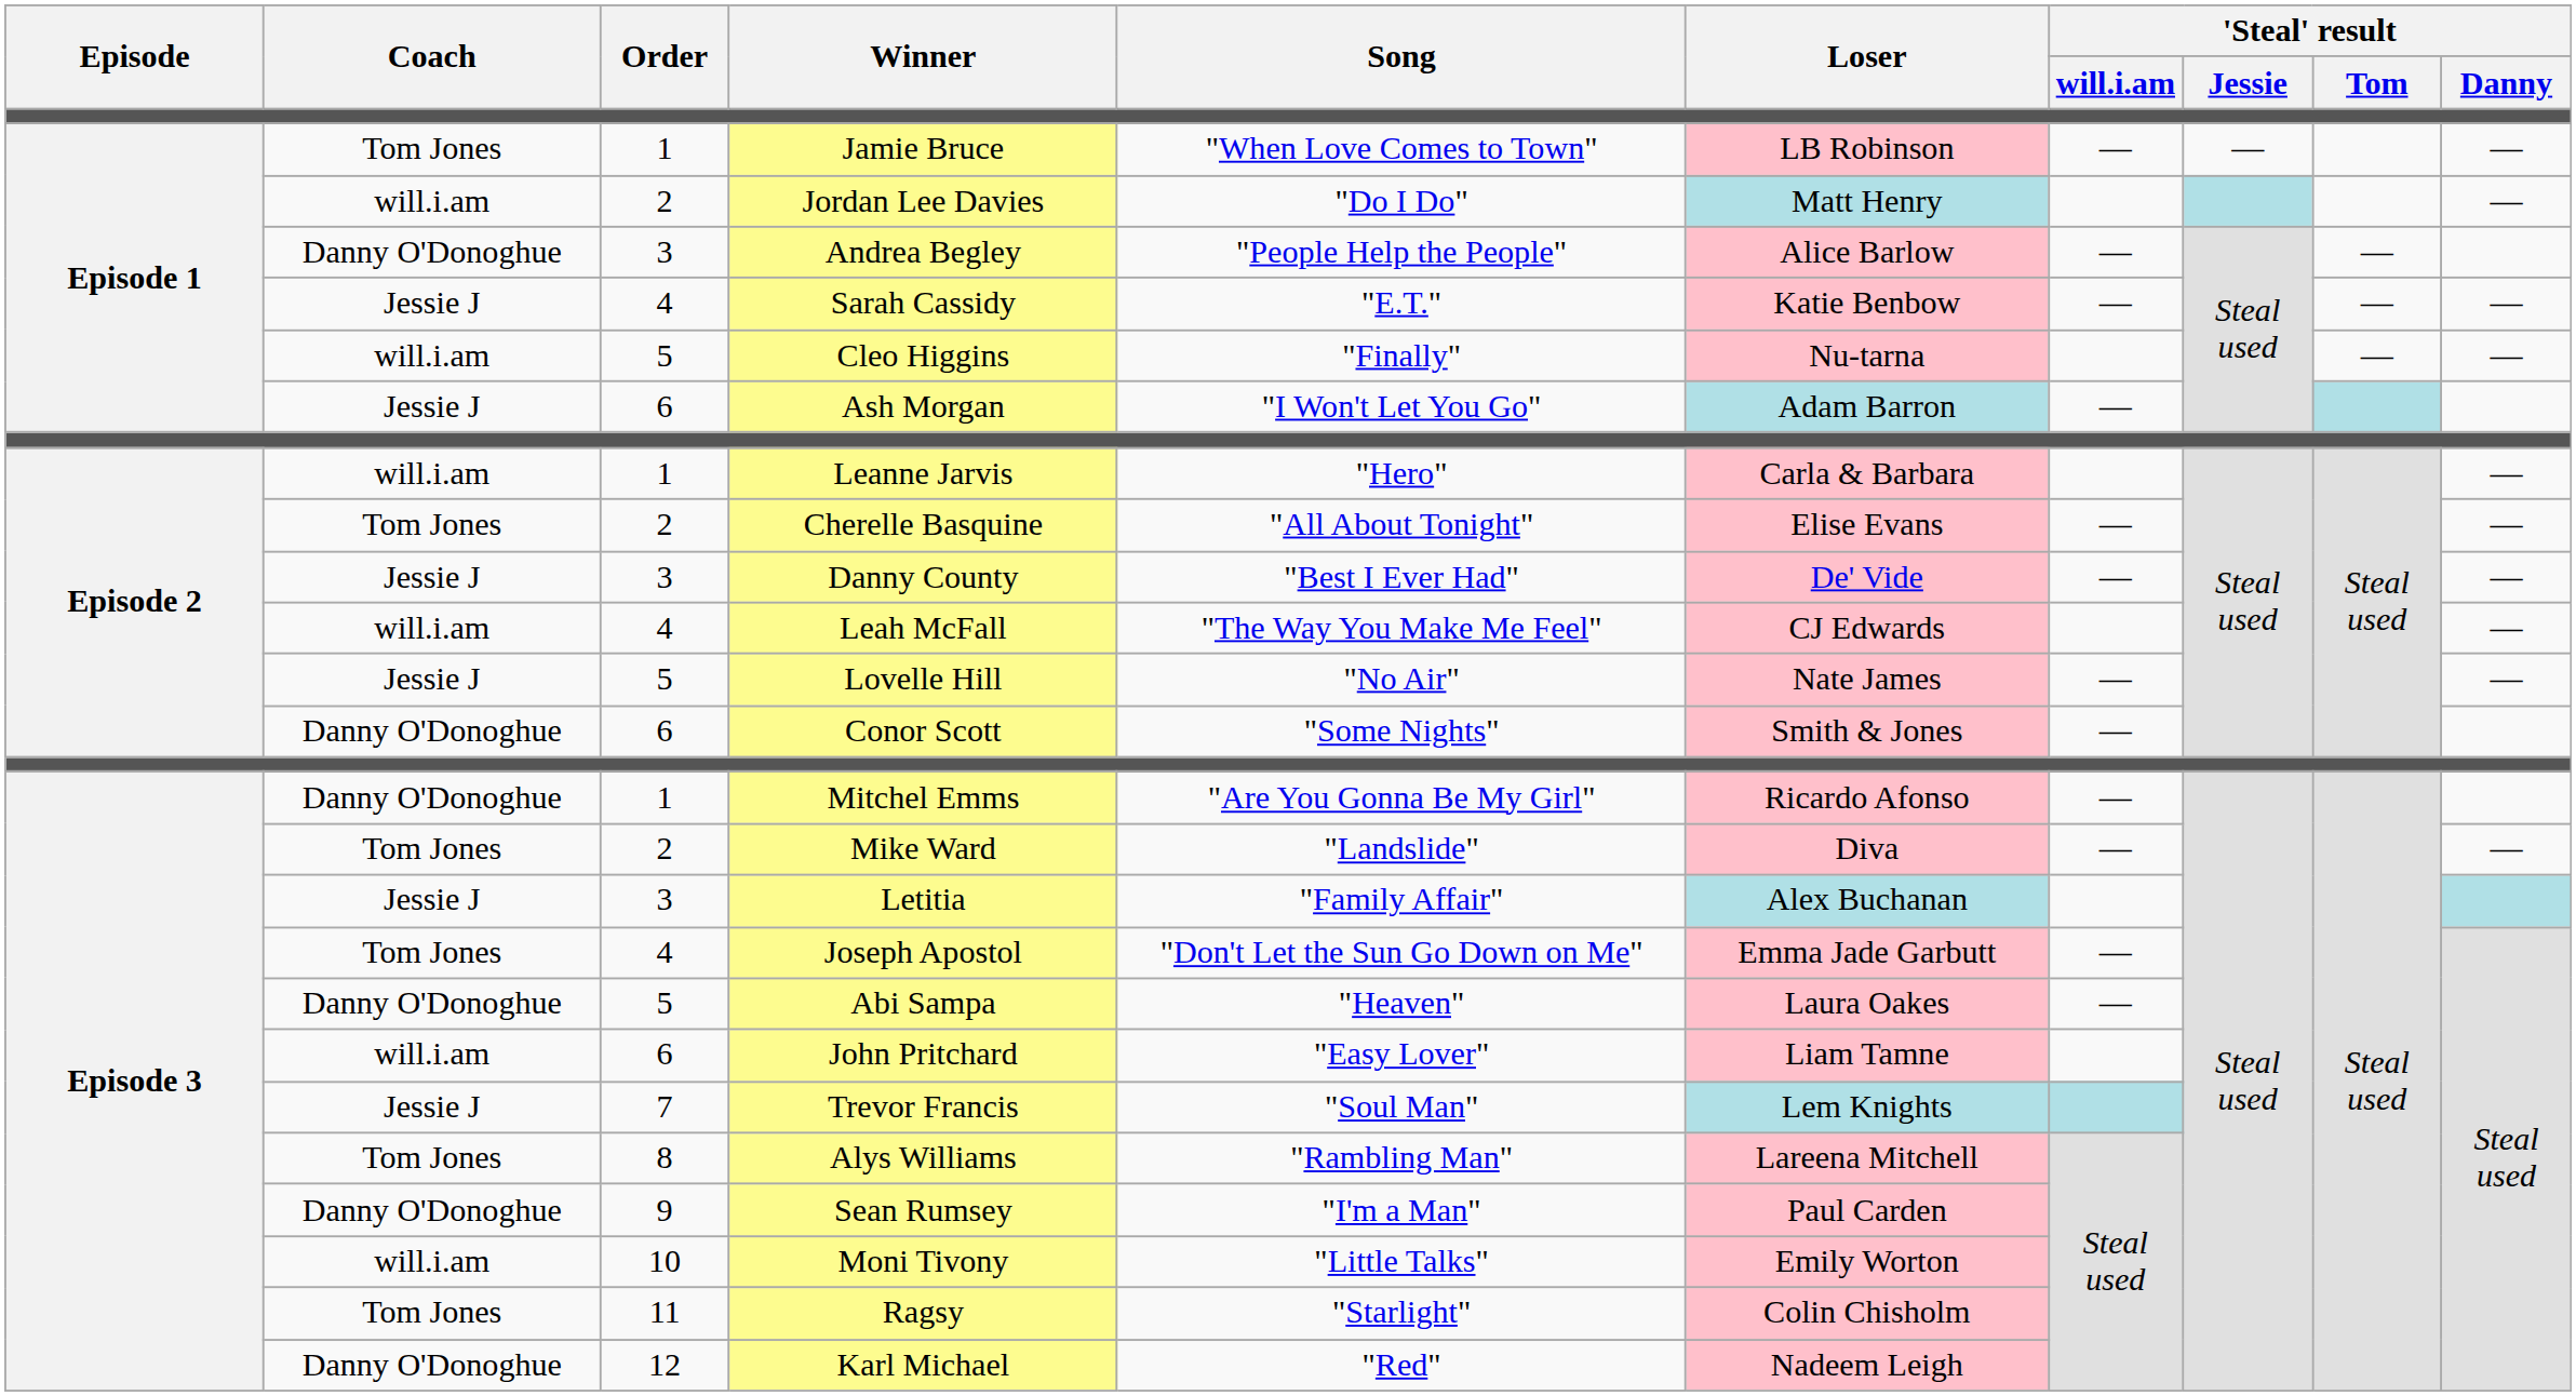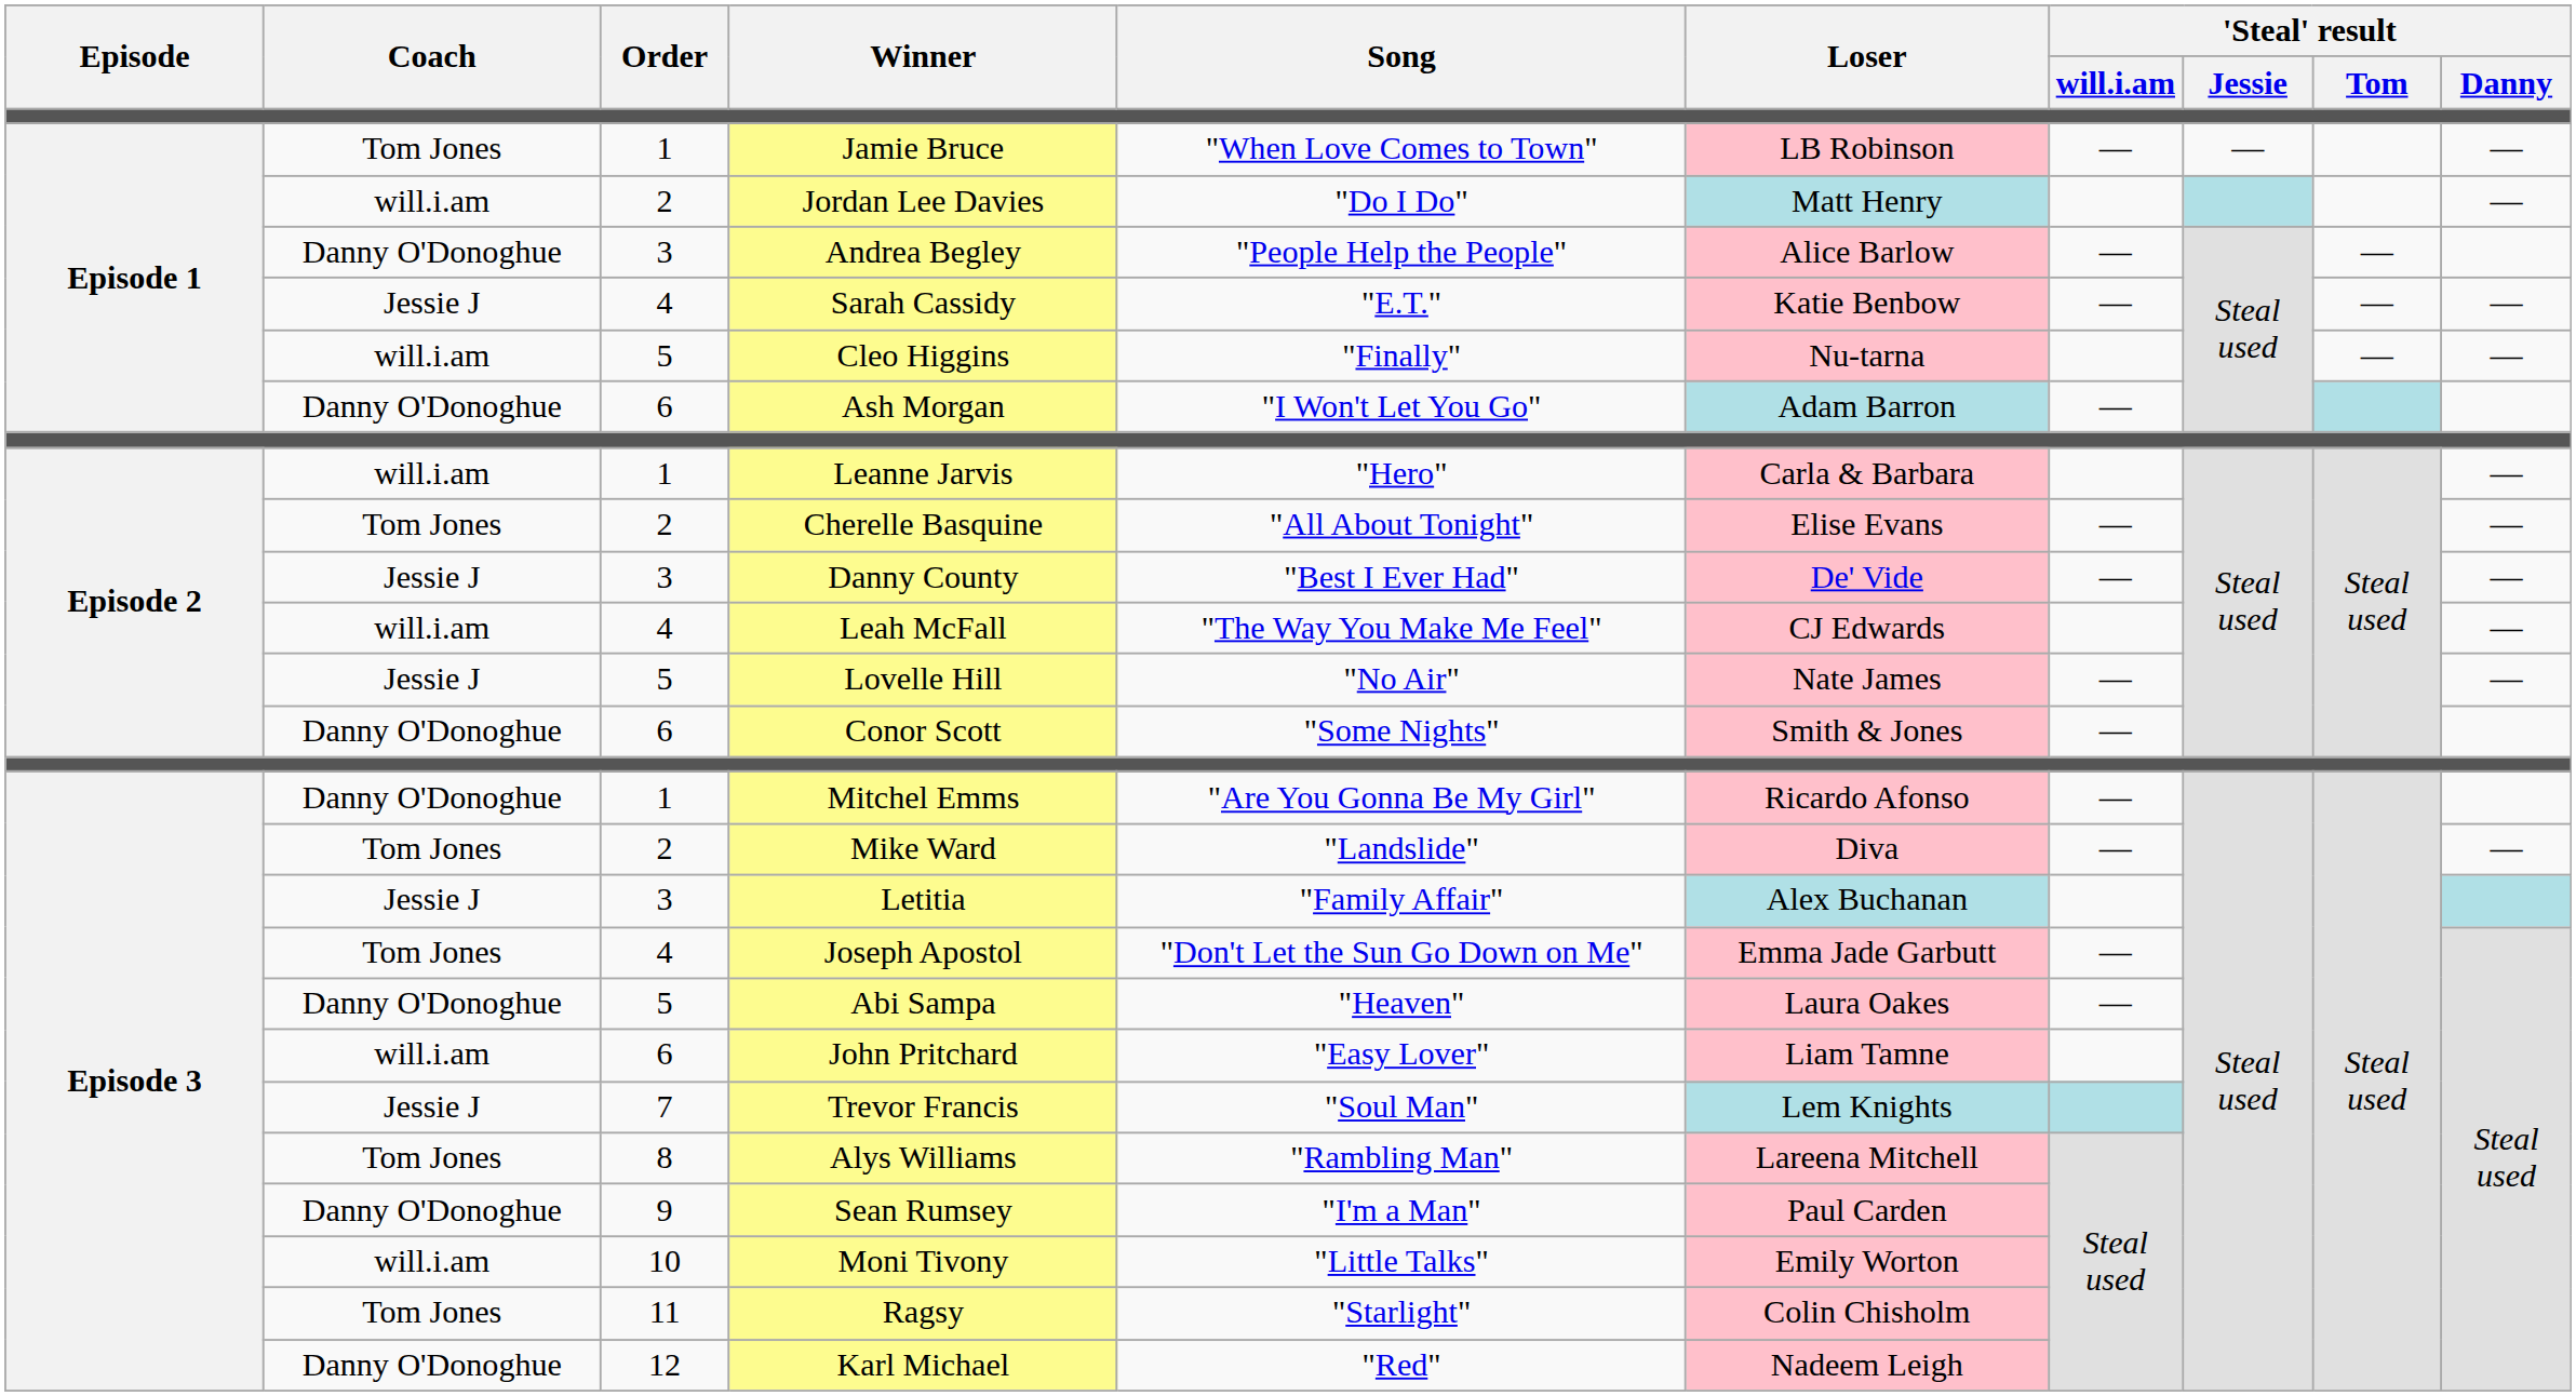 <table class="wikitable" style="text-align: center; width:100%;">
 <tr>
 <th rowspan="2" width="10%">Episode</th>
 <th rowspan="2" width="13%">Coach</th>
 <th rowspan="2" width="05%">Order</th>
 <th rowspan="2" width="15%">Winner</th>
 <th rowspan="2" width="22%">Song</th>
 <th rowspan="2" width="14%">Loser</th>
 <th colspan="4" width="20%">'Steal' result</th>
 </tr>
 <tr>
 <th width="05%"><a href='#'>will.i.am</a></th>
 <th width="05%"><a href='#'>Jessie</a></th>
 <th width="05%"><a href='#'>Tom</a></th>
 <th width="05%"><a href='#'>Danny</a></th>
 </tr>
 <tr>
 <td colspan="10" style="background:#555555;"></td>
 </tr>
 <tr>
 <th rowspan="6">Episode 1<br><small></small></th>
 <td>Tom Jones</td>
 <td>1</td>
 <td style="background:#fdfc8f;">Jamie Bruce</td>
 <td>"<a href='#'>When Love Comes to Town</a>"</td>
 <td style="background:pink;">LB Robinson</td>
 <td>—</td>
 <td>—</td>
 <td></td>
 <td>—</td>
 </tr>
 <tr>
 <td>will.i.am</td>
 <td>2</td>
 <td style="background:#fdfc8f; text-align:center;">Jordan Lee Davies</td>
 <td>"<a href='#'>Do I Do</a>"</td>
 <td style="background:#B0E0E6; text-align:center;">Matt Henry</td>
 <td></td>
 <td style="background:#B0E0E6; text-align:center;"><strong></strong></td>
 <td><strong></strong></td>
 <td>—</td>
 </tr>
 <tr>
 <td>Danny O'Donoghue</td>
 <td>3</td>
 <td style="background:#fdfc8f; text-align:center;">Andrea Begley</td>
 <td>"<a href='#'>People Help the People</a>"</td>
 <td style="background:pink; text-align:center;">Alice Barlow</td>
 <td>—</td>
 <td rowspan="4" style="background:#e0e0e0"><em>Steal used</em></td>
 <td>—</td>
 <td></td>
 </tr>
 <tr>
 <td>Jessie J</td>
 <td>4</td>
 <td style="background:#fdfc8f; text-align:center;">Sarah Cassidy</td>
 <td>"<a href='#'>E.T.</a>"</td>
 <td style="background:pink; text-align:center;">Katie Benbow</td>
 <td>—</td>
 <td>—</td>
 <td>—</td>
 </tr>
 <tr>
 <td>will.i.am</td>
 <td>5</td>
 <td style="background:#fdfc8f; text-align:center;">Cleo Higgins</td>
 <td>"<a href='#'>Finally</a>"</td>
 <td style="background:pink; text-align:center;">Nu-tarna</td>
 <td></td>
 <td>—</td>
 <td>—</td>
 </tr>
 <tr>
-<td>Jessie J</td>
+<td>Danny O'Donoghue</td>
 <td>6</td>
 <td style="background:#fdfc8f; text-align:center;">Ash Morgan</td>
 <td>"<a href='#'>I Won't Let You Go</a>"</td>
 <td style="background:#B0E0E6; text-align:center;">Adam Barron</td>
 <td>—</td>
 <td style="background:#B0E0E6; text-align:center;"><strong></strong></td>
 <td><strong></strong></td>
 </tr>
 <tr>
 <td colspan="10" style="background:#555555;"></td>
 </tr>
 <tr>
 <th rowspan="6">Episode 2<br><small></small></th>
 <td>will.i.am</td>
 <td>1</td>
 <td style="background:#fdfc8f">Leanne Jarvis</td>
 <td>"<a href='#'>Hero</a>"</td>
 <td style="background:pink">Carla & Barbara</td>
 <td></td>
 <td rowspan="6" style="background:#e0e0e0"><em>Steal used</em></td>
 <td rowspan="6" style="background:#e0e0e0"><em>Steal used</em></td>
 <td>—</td>
 </tr>
 <tr>
 <td>Tom Jones</td>
 <td>2</td>
 <td style="background:#fdfc8f; text-align:center;">Cherelle Basquine</td>
 <td>"<a href='#'>All About Tonight</a>"</td>
 <td style="background:pink; text-align:center;">Elise Evans</td>
 <td>—</td>
 <td>—</td>
 </tr>
 <tr>
 <td>Jessie J</td>
 <td>3</td>
 <td style="background:#fdfc8f; text-align:center;">Danny County</td>
 <td>"<a href='#'>Best I Ever Had</a>"</td>
 <td style="background:pink; text-align:center;"><a href='#'>De' Vide</a></td>
 <td>—</td>
 <td>—</td>
 </tr>
 <tr>
 <td>will.i.am</td>
 <td>4</td>
 <td style="background:#fdfc8f; text-align:center;">Leah McFall</td>
 <td>"<a href='#'>The Way You Make Me Feel</a>"</td>
 <td style="background:pink; text-align:center;">CJ Edwards</td>
 <td></td>
 <td>—</td>
 </tr>
 <tr>
 <td>Jessie J</td>
 <td>5</td>
 <td style="background:#fdfc8f; text-align:center;">Lovelle Hill</td>
 <td>"<a href='#'>No Air</a>"</td>
 <td style="background:pink; text-align:center;">Nate James</td>
 <td>—</td>
 <td>—</td>
 </tr>
 <tr>
 <td>Danny O'Donoghue</td>
 <td>6</td>
 <td style="background:#fdfc8f; text-align:center;">Conor Scott</td>
 <td>"<a href='#'>Some Nights</a>"</td>
 <td style="background:pink; text-align:center;">Smith & Jones</td>
 <td>—</td>
 <td></td>
 </tr>
 <tr>
 <td colspan="10" style="background:#555555;"></td>
 </tr>
 <tr>
 <th rowspan="12">Episode 3<br><small></small></th>
 <td>Danny O'Donoghue</td>
 <td>1</td>
 <td style="background:#fdfc8f">Mitchel Emms</td>
 <td>"<a href='#'>Are You Gonna Be My Girl</a>"</td>
 <td style="background:pink;">Ricardo Afonso</td>
 <td>—</td>
 <td rowspan="12" style="background:#e0e0e0"><em>Steal used</em></td>
 <td rowspan="12" style="background:#e0e0e0"><em>Steal used</em></td>
 <td></td>
 </tr>
 <tr>
 <td>Tom Jones</td>
 <td>2</td>
 <td style="background:#fdfc8f; text-align:center;">Mike Ward</td>
 <td>"<a href='#'>Landslide</a>"</td>
 <td style="background:pink; text-align:center;">Diva</td>
 <td>—</td>
 <td>—</td>
 </tr>
 <tr>
 <td>Jessie J</td>
 <td>3</td>
 <td style="background:#fdfc8f; text-align:center;">Letitia </td>
 <td>"<a href='#'>Family Affair</a>"</td>
 <td style="background:#B0E0E6; text-align:center;">Alex Buchanan</td>
 <td><strong></strong></td>
 <td style="background:#B0E0E6; text-align:center;"><strong></strong></td>
 </tr>
 <tr>
 <td>Tom Jones</td>
 <td>4</td>
 <td style="background:#fdfc8f; text-align:center;">Joseph Apostol</td>
 <td>"<a href='#'>Don't Let the Sun Go Down on Me</a>"</td>
 <td style="background:pink; text-align:center;">Emma Jade Garbutt</td>
 <td>—</td>
 <td rowspan="9" style="background:#e0e0e0"><em>Steal used</em></td>
 </tr>
 <tr>
 <td>Danny O'Donoghue</td>
 <td>5</td>
 <td style="background:#fdfc8f; text-align:center;">Abi Sampa</td>
 <td>"<a href='#'>Heaven</a>"</td>
 <td style="background:pink; text-align:center;">Laura Oakes</td>
 <td>—</td>
 </tr>
 <tr>
 <td>will.i.am</td>
 <td>6</td>
 <td style="background:#fdfc8f; text-align:center;">John Pritchard</td>
 <td>"<a href='#'>Easy Lover</a>"</td>
 <td style="background:pink; text-align:center;">Liam Tamne</td>
 <td></td>
 </tr>
 <tr>
 <td>Jessie J</td>
 <td>7</td>
 <td style="background:#fdfc8f; text-align:center;">Trevor Francis</td>
 <td>"<a href='#'>Soul Man</a>"</td>
 <td style="background:#B0E0E6; text-align:center;">Lem Knights</td>
 <td style="background:#B0E0E6; text-align:center;"><strong></strong></td>
 </tr>
 <tr>
 <td>Tom Jones</td>
 <td>8</td>
 <td style="background:#fdfc8f; text-align:center;">Alys Williams</td>
 <td>"<a href='#'>Rambling Man</a>"</td>
 <td style="background:pink; text-align:center;">Lareena Mitchell</td>
 <td rowspan="5" style="background:#e0e0e0"><em>Steal used</em></td>
 </tr>
 <tr>
 <td>Danny O'Donoghue</td>
 <td>9</td>
 <td style="background:#fdfc8f; text-align:center;">Sean Rumsey</td>
 <td>"<a href='#'>I'm a Man</a>"</td>
 <td style="background:pink; text-align:center;">Paul Carden</td>
 </tr>
 <tr>
 <td>will.i.am</td>
 <td>10</td>
 <td style="background:#fdfc8f; text-align:center;">Moni Tivony</td>
 <td>"<a href='#'>Little Talks</a>"</td>
 <td style="background:pink; text-align:center;">Emily Worton</td>
 </tr>
 <tr>
 <td>Tom Jones</td>
 <td>11</td>
 <td style="background:#fdfc8f; text-align:center;">Ragsy</td>
 <td>"<a href='#'>Starlight</a>"</td>
 <td style="background:pink; text-align:center;">Colin Chisholm</td>
 </tr>
 <tr>
 <td>Danny O'Donoghue</td>
 <td>12</td>
 <td style="background:#fdfc8f; text-align:center;">Karl Michael</td>
 <td>"<a href='#'>Red</a>"</td>
 <td style="background:pink; text-align:center;">Nadeem Leigh</td>
 </tr>
 </table>
